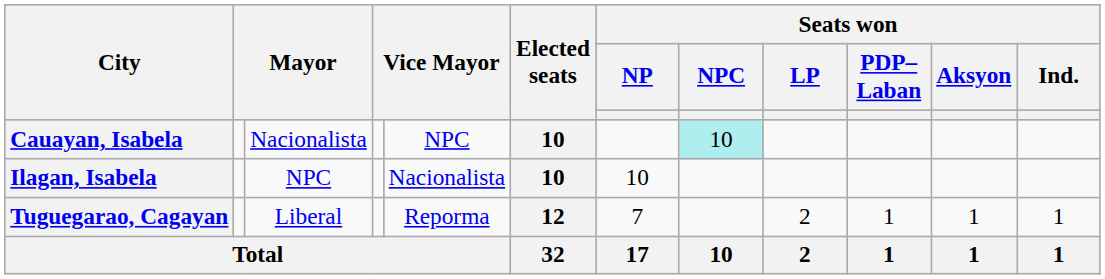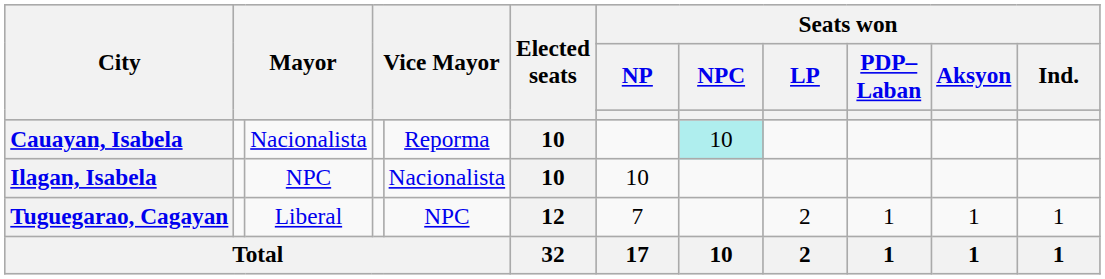 <table class="wikitable" style="text-align:center; font-size: 0.9em;">
 <tr>
 <th rowspan="3">City</th>
 <th colspan="2" rowspan="3" style="width:60px;">Mayor</th>
 <th colspan="2" rowspan="3" style="width:60px;">Vice Mayor</th>
 <th rowspan="3">Elected<br>seats</th>
 <th colspan="6">Seats won</th>
 </tr>
 <tr>
 <th class="unsortable" style="width:45px;"><a href='#'>NP</a></th>
 <th class="unsortable" style="width:45px;"><a href='#'>NPC</a></th>
 <th class="unsortable" style="width:45px;"><a href='#'>LP</a></th>
 <th class="unsortable" style="width:45px;"><a href='#'>PDP–Laban</a></th>
 <th class="unsortable" style="width:45px;"><a href='#'>Aksyon</a></th>
 <th class="unsortable" style="width:45px;">Ind.</th>
 </tr>
 <tr>
 <th style="color:inherit;background:"></th>
 <th style="color:inherit;background:"></th>
 <th style="color:inherit;background:"></th>
 <th style="color:inherit;background:"></th>
 <th style="color:inherit;background:"></th>
 <th></th>
 </tr>
 <tr>
 <th style="text-align: left;"><a href='#'>Cauayan, Isabela</a></th>
 <td style="color:inherit;background:"></td>
 <td><a href='#'>Nacionalista</a></td>
 <td style="color:inherit;background:"></td>
-<td><a href='#'>NPC</a></td>
+<td><a href='#'>Reporma</a></td>
 <th>10</th>
 <td></td>
 <td style="background: paleturquoise;">10</td>
 <td></td>
 <td></td>
 <td></td>
 <td></td>
 </tr>
 <tr>
 <th style="text-align: left;"><a href='#'>Ilagan, Isabela</a></th>
 <td style="color:inherit;background:"></td>
 <td><a href='#'>NPC</a></td>
 <td style="color:inherit;background:"></td>
 <td><a href='#'>Nacionalista</a></td>
 <th>10</th>
 <td>10</td>
 <td></td>
 <td></td>
 <td></td>
 <td></td>
 <td></td>
 </tr>
 <tr>
 <th style="text-align: left;"><a href='#'>Tuguegarao, Cagayan</a></th>
 <td style="color:inherit;background:"></td>
 <td><a href='#'>Liberal</a></td>
 <td style="color:inherit;background:"></td>
-<td><a href='#'>Reporma</a></td>
+<td><a href='#'>NPC</a></td>
 <th>12</th>
 <td>7</td>
 <td></td>
 <td>2</td>
 <td>1</td>
 <td>1</td>
 <td>1</td>
 </tr>
 <tr>
 <th colspan="5">Total</th>
 <th>32</th>
 <th>17</th>
 <th>10</th>
 <th>2</th>
 <th>1</th>
 <th>1</th>
 <th>1</th>
 </tr>
 </table>
